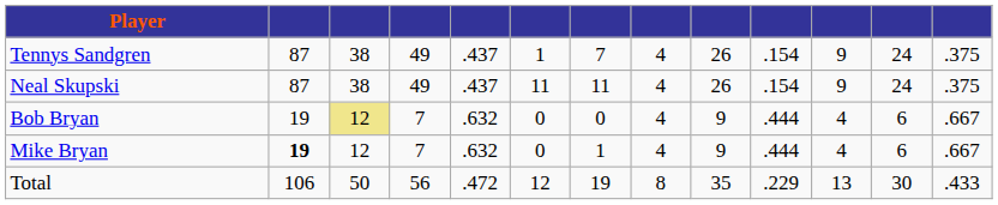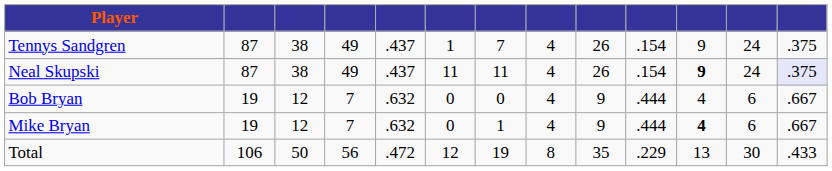 <table class="wikitable" style="text-align:center">
 <tr>
 <th style="background:#333399; color:#FF5800" width="200px">Player</th>
 <th style="background:#333399; color:#FF5800" width="40px"></th>
 <th style="background:#333399; color:#FF5800" width="40px"></th>
 <th style="background:#333399; color:#FF5800" width="40px"></th>
 <th style="background:#333399; color:#FF5800" width="40px"></th>
 <th style="background:#333399; color:#FF5800" width="40px"></th>
 <th style="background:#333399; color:#FF5800" width="40px"></th>
 <th style="background:#333399; color:#FF5800" width="40px"></th>
 <th style="background:#333399; color:#FF5800" width="40px"></th>
 <th style="background:#333399; color:#FF5800" width="40px"></th>
 <th style="background:#333399; color:#FF5800" width="40px"></th>
 <th style="background:#333399; color:#FF5800" width="40px"></th>
 <th style="background:#333399; color:#FF5800" width="40px"></th>
 </tr>
 <tr>
 <td style="text-align:left"><a href='#'>Tennys Sandgren</a></td>
 <td>87</td>
 <td>38</td>
 <td>49</td>
 <td>.437</td>
 <td>1</td>
 <td>7</td>
 <td>4</td>
 <td>26</td>
 <td>.154</td>
 <td>9</td>
 <td>24</td>
 <td>.375</td>
 </tr>
 <tr>
 <td style="text-align:left"><a href='#'>Neal Skupski</a></td>
 <td>87</td>
 <td>38</td>
 <td>49</td>
 <td>.437</td>
 <td>11</td>
 <td>11</td>
 <td>4</td>
 <td>26</td>
 <td>.154</td>
-<td>9</td>
+<td><strong>9</strong></td>
 <td>24</td>
-<td>.375</td>
+<td style="background: lavender;">.375</td>
 </tr>
 <tr>
 <td style="text-align:left"><a href='#'>Bob Bryan</a></td>
 <td>19</td>
-<td style="background: khaki;">12</td>
+<td>12</td>
 <td>7</td>
 <td>.632</td>
 <td>0</td>
 <td>0</td>
 <td>4</td>
 <td>9</td>
 <td>.444</td>
 <td>4</td>
 <td>6</td>
 <td>.667</td>
 </tr>
 <tr>
 <td style="text-align:left"><a href='#'>Mike Bryan</a></td>
-<td><strong>19</strong></td>
+<td>19</td>
 <td>12</td>
 <td>7</td>
 <td>.632</td>
 <td>0</td>
 <td>1</td>
 <td>4</td>
 <td>9</td>
 <td>.444</td>
-<td>4</td>
+<td><strong>4</strong></td>
 <td>6</td>
 <td>.667</td>
 </tr>
 <tr>
 <td style="text-align:left">Total</td>
 <td>106</td>
 <td>50</td>
 <td>56</td>
 <td>.472</td>
 <td>12</td>
 <td>19</td>
 <td>8</td>
 <td>35</td>
 <td>.229</td>
 <td>13</td>
 <td>30</td>
 <td>.433</td>
 </tr>
 </table>
